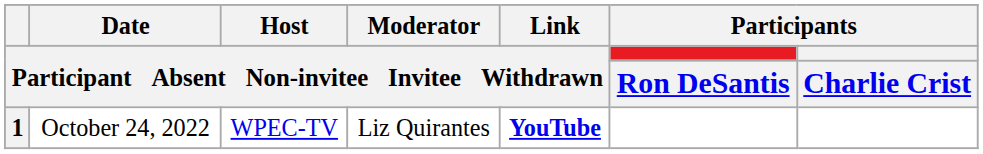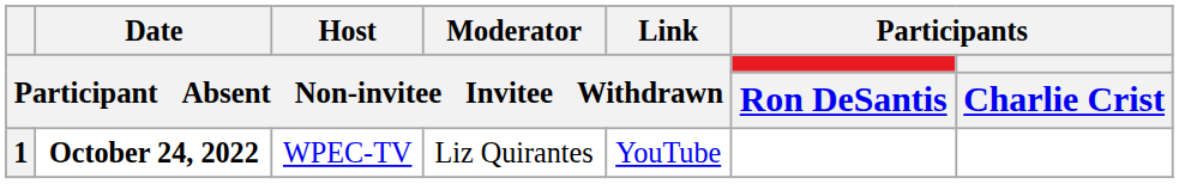 <table class="wikitable mw-collapsible"  style="text-align:center;">
 <tr style="font-size:small;">
 <th scope="col"></th>
 <th scope="col">Date</th>
 <th scope="col">Host</th>
 <th scope="col">Moderator</th>
 <th scope="col">Link</th>
 <th scope="col" colspan="2">Participants</th>
 </tr>
 <tr>
 <th colspan="5" rowspan="2"> <small>Participant  </small> <small>Absent  </small> <small>Non-invitee  </small> <small>Invitee  </small> <small>Withdrawn</small></th>
 <th scope="col" style="background:#E81B23;"></th>
 <th scope="col" style="background:"></th>
 </tr>
 <tr>
 <th scope="col"><a href='#'>Ron DeSantis</a></th>
 <th scope="col"><a href='#'>Charlie Crist</a></th>
 </tr>
 <tr style="background:#fff; font-size:small;">
 <th scope="row">1</th>
-<td style="white-space:nowrap;">October 24, 2022</td>
+<td style="white-space:nowrap;"><strong>October 24, 2022</strong></td>
 <td style="white-space:nowrap;"><a href='#'>WPEC-TV</a></td>
 <td style="white-space:nowrap;">Liz Quirantes</td>
-<td style="white-space:nowrap;"><strong><a href='#'>YouTube</a></strong></td>
+<td style="white-space:nowrap;"><a href='#'>YouTube</a></td>
 <td></td>
 <td></td>
 </tr>
 </table>
